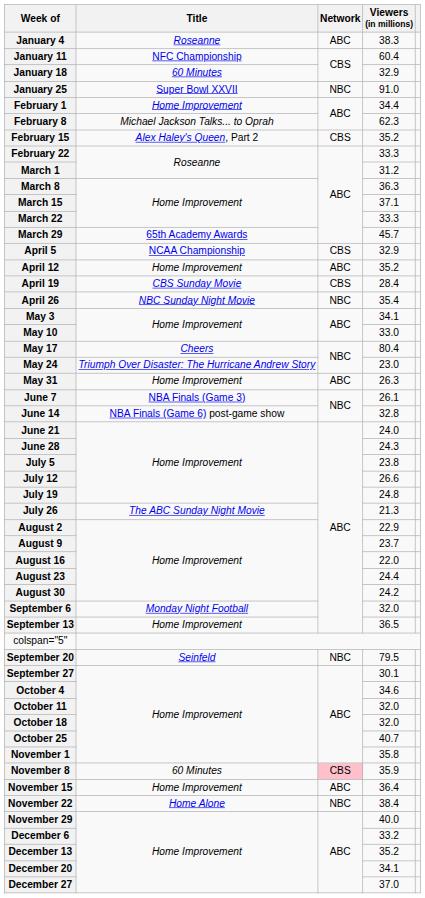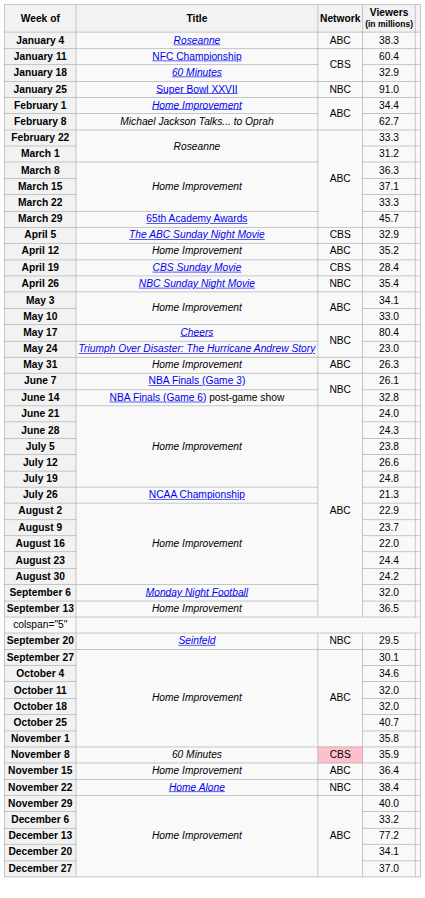 <table class="wikitable plainrowheaders" style="text-align: center; display: inline-table;">
 <tr>
 <th>Week of</th>
 <th>Title</th>
 <th>Network</th>
 <th>Viewers<br><small>(in millions)</small></th>
 <th></th>
 </tr>
 <tr>
 <th scope="row">January 4</th>
 <td><em><a href='#'>Roseanne</a></em></td>
 <td>ABC</td>
 <td>38.3</td>
 <td></td>
 </tr>
 <tr>
 <th scope="row">January 11</th>
 <td><a href='#'>NFC Championship</a></td>
 <td rowspan="2">CBS</td>
 <td>60.4</td>
 <td></td>
 </tr>
 <tr>
 <th scope="row">January 18</th>
 <td><em><a href='#'>60 Minutes</a></em></td>
 <td>32.9</td>
 <td></td>
 </tr>
 <tr>
 <th scope="row">January 25</th>
 <td><a href='#'>Super Bowl XXVII</a></td>
 <td>NBC</td>
 <td>91.0</td>
 <td></td>
 </tr>
 <tr>
 <th scope="row">February 1</th>
 <td><em><a href='#'>Home Improvement</a></em></td>
 <td rowspan="2">ABC</td>
 <td>34.4</td>
 <td></td>
 </tr>
 <tr>
 <th scope="row">February 8</th>
 <td><em>Michael Jackson Talks... to Oprah</em></td>
-<td>62.3</td>
-<td></td>
-</tr>
-<tr>
-<th scope="row">February 15</th>
-<td><em><a href='#'>Alex Haley's Queen</a></em>, Part 2</td>
-<td>CBS</td>
-<td>35.2</td>
+<td>62.7</td>
 <td></td>
 </tr>
 <tr>
 <th scope="row">February 22</th>
 <td rowspan="2"><em>Roseanne</em></td>
 <td rowspan="6">ABC</td>
 <td>33.3</td>
 <td></td>
 </tr>
 <tr>
 <th scope="row">March 1</th>
 <td>31.2</td>
 <td></td>
 </tr>
 <tr>
 <th scope="row">March 8</th>
 <td rowspan="3"><em>Home Improvement</em></td>
 <td>36.3</td>
 <td></td>
 </tr>
 <tr>
 <th scope="row">March 15</th>
 <td>37.1</td>
 <td></td>
 </tr>
 <tr>
 <th scope="row">March 22</th>
 <td>33.3</td>
 <td></td>
 </tr>
 <tr>
 <th scope="row">March 29</th>
 <td><a href='#'>65th Academy Awards</a></td>
 <td>45.7</td>
 <td></td>
 </tr>
 <tr>
 <th scope="row">April 5</th>
-<td><a href='#'>NCAA Championship</a></td>
+<td><em><a href='#'>The ABC Sunday Night Movie</a></em></td>
 <td>CBS</td>
 <td>32.9</td>
 <td></td>
 </tr>
 <tr>
 <th scope="row">April 12</th>
 <td><em>Home Improvement</em></td>
 <td>ABC</td>
 <td>35.2</td>
 <td></td>
 </tr>
 <tr>
 <th scope="row">April 19</th>
 <td><em><a href='#'>CBS Sunday Movie</a></em></td>
 <td>CBS</td>
 <td>28.4</td>
 <td></td>
 </tr>
 <tr>
 <th scope="row">April 26</th>
 <td><em><a href='#'>NBC Sunday Night Movie</a></em></td>
 <td>NBC</td>
 <td>35.4</td>
 <td></td>
 </tr>
 <tr>
 <th scope="row">May 3</th>
 <td rowspan="2"><em>Home Improvement</em></td>
 <td rowspan="2">ABC</td>
 <td>34.1</td>
 <td></td>
 </tr>
 <tr>
 <th scope="row">May 10</th>
 <td>33.0</td>
 <td></td>
 </tr>
 <tr>
 <th scope="row">May 17</th>
 <td><em><a href='#'>Cheers</a></em></td>
 <td rowspan="2">NBC</td>
 <td>80.4</td>
 <td></td>
 </tr>
 <tr>
 <th scope="row">May 24</th>
 <td><em><a href='#'>Triumph Over Disaster: The Hurricane Andrew Story</a></em></td>
 <td>23.0</td>
 <td></td>
 </tr>
 <tr>
 <th scope="row">May 31</th>
 <td><em>Home Improvement</em></td>
 <td>ABC</td>
 <td>26.3</td>
 <td></td>
 </tr>
 <tr>
 <th scope="row">June 7</th>
 <td><a href='#'>NBA Finals (Game 3)</a></td>
 <td rowspan="2">NBC</td>
 <td>26.1</td>
 <td></td>
 </tr>
 <tr>
 <th scope="row">June 14</th>
 <td><a href='#'>NBA Finals (Game 6)</a> post-game show</td>
 <td>32.8</td>
 <td></td>
 </tr>
 <tr>
 <th scope="row">June 21</th>
 <td rowspan="5"><em>Home Improvement</em></td>
 <td rowspan="13">ABC</td>
 <td>24.0</td>
 <td></td>
 </tr>
 <tr>
 <th scope="row">June 28</th>
 <td>24.3</td>
 <td></td>
 </tr>
 <tr>
 <th scope="row">July 5</th>
 <td>23.8</td>
 <td></td>
 </tr>
 <tr>
 <th scope="row">July 12</th>
 <td>26.6</td>
 <td></td>
 </tr>
 <tr>
 <th scope="row">July 19</th>
 <td>24.8</td>
 <td></td>
 </tr>
 <tr>
 <th scope="row">July 26</th>
-<td><em><a href='#'>The ABC Sunday Night Movie</a></em></td>
+<td><a href='#'>NCAA Championship</a></td>
 <td>21.3</td>
 <td></td>
 </tr>
 <tr>
 <th scope="row">August 2</th>
 <td rowspan="5"><em>Home Improvement</em></td>
 <td>22.9</td>
 <td></td>
 </tr>
 <tr>
 <th scope="row">August 9</th>
 <td>23.7</td>
 <td></td>
 </tr>
 <tr>
 <th scope="row">August 16</th>
 <td>22.0</td>
 <td></td>
 </tr>
 <tr>
 <th scope="row">August 23</th>
 <td>24.4</td>
 <td></td>
 </tr>
 <tr>
 <th scope="row">August 30</th>
 <td>24.2</td>
 <td></td>
 </tr>
 <tr>
 <th scope="row">September 6</th>
 <td><em><a href='#'>Monday Night Football</a></em></td>
 <td>32.0</td>
 <td></td>
 </tr>
 <tr>
 <th scope="row">September 13</th>
 <td><em>Home Improvement</em></td>
 <td>36.5</td>
 <td></td>
 </tr>
 <tr>
 <td>colspan="5" </td>
 </tr>
 <tr>
 <th scope="row">September 20</th>
 <td><em><a href='#'>Seinfeld</a></em></td>
 <td>NBC</td>
-<td>79.5</td>
+<td>29.5</td>
 <td></td>
 </tr>
 <tr>
 <th scope="row">September 27</th>
 <td rowspan="6"><em>Home Improvement</em></td>
 <td rowspan="6">ABC</td>
 <td>30.1</td>
 <td></td>
 </tr>
 <tr>
 <th scope="row">October 4</th>
 <td>34.6</td>
 <td></td>
 </tr>
 <tr>
 <th scope="row">October 11</th>
 <td>32.0</td>
 <td></td>
 </tr>
 <tr>
 <th scope="row">October 18</th>
 <td>32.0</td>
 <td></td>
 </tr>
 <tr>
 <th scope="row">October 25</th>
 <td>40.7</td>
 <td></td>
 </tr>
 <tr>
 <th scope="row">November 1</th>
 <td>35.8</td>
 <td></td>
 </tr>
 <tr>
 <th scope="row">November 8</th>
 <td><em>60 Minutes</em></td>
 <td style="background: pink;">CBS</td>
 <td>35.9</td>
 <td></td>
 </tr>
 <tr>
 <th scope="row">November 15</th>
 <td><em>Home Improvement</em></td>
 <td>ABC</td>
 <td>36.4</td>
 <td></td>
 </tr>
 <tr>
 <th scope="row">November 22</th>
 <td><em><a href='#'>Home Alone</a></em></td>
 <td>NBC</td>
 <td>38.4</td>
 <td></td>
 </tr>
 <tr>
 <th scope="row">November 29</th>
 <td rowspan="5"><em>Home Improvement</em></td>
 <td rowspan="5">ABC</td>
 <td>40.0</td>
 <td></td>
 </tr>
 <tr>
 <th scope="row">December 6</th>
 <td>33.2</td>
 <td></td>
 </tr>
 <tr>
 <th scope="row">December 13</th>
-<td>35.2</td>
+<td>77.2</td>
 <td></td>
 </tr>
 <tr>
 <th scope="row">December 20</th>
 <td>34.1</td>
 <td></td>
 </tr>
 <tr>
 <th scope="row">December 27</th>
 <td>37.0</td>
 <td></td>
 </tr>
 </table>
